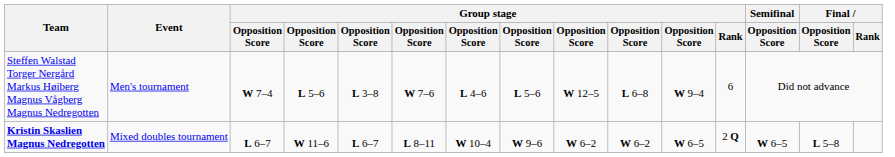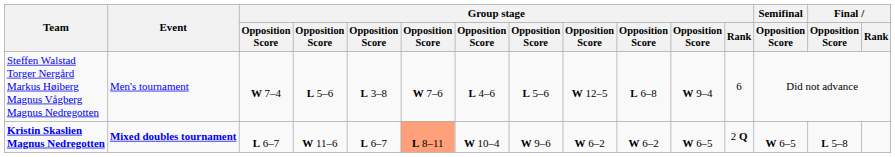 <table class=wikitable style="font-size:90%; text-align:center">
 <tr>
 <th rowspan=2>Team</th>
 <th rowspan=2>Event</th>
 <th colspan=10>Group stage</th>
 <th>Semifinal</th>
 <th colspan=2>Final / </th>
 </tr>
 <tr style="font-size:95%">
 <th>Opposition<br>Score</th>
 <th>Opposition<br>Score</th>
 <th>Opposition<br>Score</th>
 <th>Opposition<br>Score</th>
 <th>Opposition<br>Score</th>
 <th>Opposition<br>Score</th>
 <th>Opposition<br>Score</th>
 <th>Opposition<br>Score</th>
 <th>Opposition<br>Score</th>
 <th>Rank</th>
 <th>Opposition<br>Score</th>
 <th>Opposition<br>Score</th>
 <th>Rank</th>
 </tr>
 <tr>
 <td align=left class=nowrap><a href='#'>Steffen Walstad</a><br><a href='#'>Torger Nergård</a><br><a href='#'>Markus Høiberg</a><br><a href='#'>Magnus Vågberg</a><br><a href='#'>Magnus Nedregotten</a></td>
 <td align=left><a href='#'>Men's tournament</a></td>
 <td><br><strong>W</strong> 7–4</td>
 <td><br><strong>L</strong> 5–6</td>
 <td><br><strong>L</strong> 3–8</td>
 <td><br><strong>W</strong> 7–6</td>
 <td><br><strong>L</strong> 4–6</td>
 <td><br><strong>L</strong> 5–6</td>
 <td><br><strong>W</strong> 12–5</td>
 <td><br><strong>L</strong> 6–8</td>
 <td><br><strong>W</strong> 9–4</td>
 <td>6</td>
 <td colspan="3">Did not advance</td>
 </tr>
 <tr>
 <td align=left class=nowrap><strong><a href='#'>Kristin Skaslien</a><br><a href='#'>Magnus Nedregotten</a></strong></td>
-<td align=left><a href='#'>Mixed doubles tournament</a></td>
+<td align=left><strong><a href='#'>Mixed doubles tournament</a></strong></td>
 <td><br><strong>L</strong> 6–7</td>
 <td><br><strong>W</strong> 11–6</td>
 <td><br><strong>L</strong> 6–7</td>
-<td><br><strong>L</strong> 8–11</td>
+<td style="background: lightsalmon;"><br><strong>L</strong> 8–11</td>
 <td><br><strong>W</strong> 10–4</td>
 <td><br><strong>W</strong> 9–6</td>
 <td><br><strong>W</strong> 6–2</td>
 <td><br><strong>W</strong> 6–2</td>
 <td><br><strong>W</strong> 6–5</td>
 <td>2 <strong>Q</strong></td>
 <td><br><strong>W</strong> 6–5</td>
 <td><br><strong>L</strong> 5–8</td>
 <td></td>
 </tr>
 </table>
